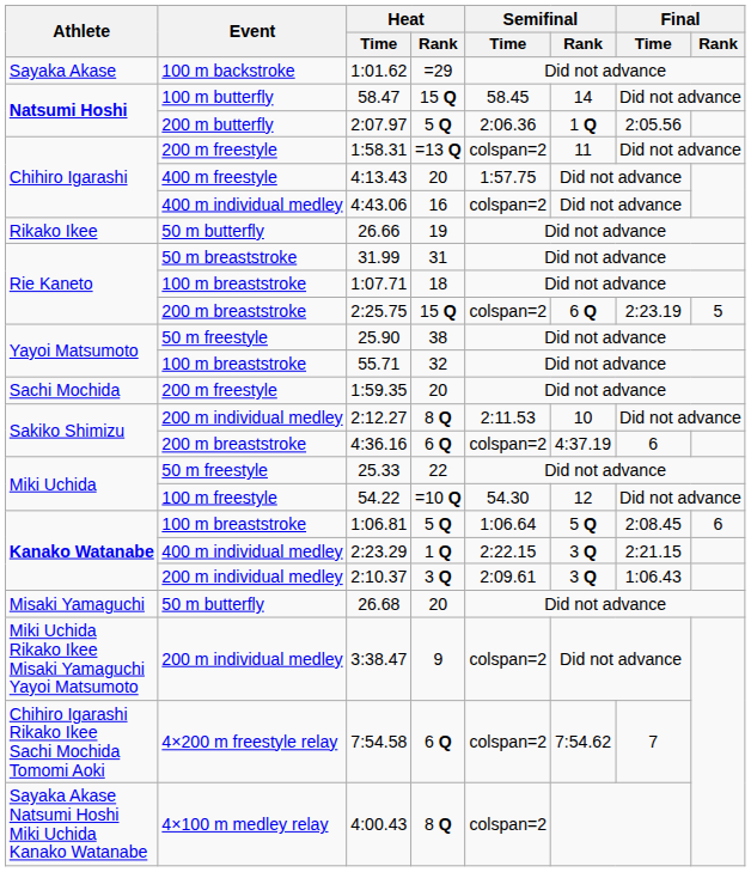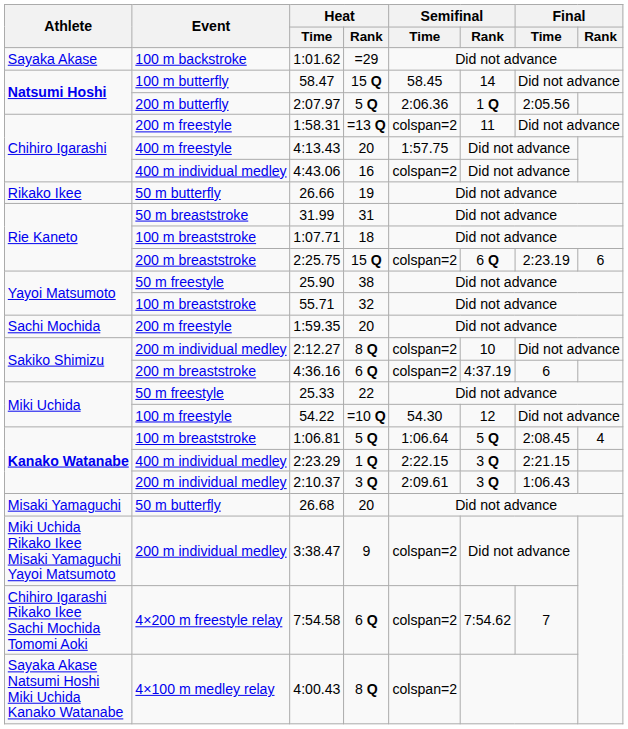 <table class=wikitable style="font-size:90%">
 <tr>
 <th rowspan="2">Athlete</th>
 <th rowspan="2">Event</th>
 <th colspan="2">Heat</th>
 <th colspan="2">Semifinal</th>
 <th colspan="2">Final</th>
 </tr>
 <tr style="font-size:95%">
 <th>Time</th>
 <th>Rank</th>
 <th>Time</th>
 <th>Rank</th>
 <th>Time</th>
 <th>Rank</th>
 </tr>
 <tr align=center>
 <td align=left><a href='#'>Sayaka Akase</a></td>
 <td align=left><a href='#'>100 m backstroke</a></td>
 <td>1:01.62</td>
 <td>=29</td>
 <td colspan=4>Did not advance</td>
 </tr>
 <tr align=center>
 <td align=left rowspan=2><strong><a href='#'>Natsumi Hoshi</a></strong></td>
 <td align=left><a href='#'>100 m butterfly</a></td>
 <td>58.47</td>
 <td>15 <strong>Q</strong></td>
 <td>58.45</td>
 <td>14</td>
 <td colspan=2>Did not advance</td>
 </tr>
 <tr align=center>
 <td align=left><a href='#'>200 m butterfly</a></td>
 <td>2:07.97</td>
 <td>5 <strong>Q</strong></td>
 <td>2:06.36</td>
 <td>1 <strong>Q</strong></td>
 <td>2:05.56</td>
 <td></td>
 </tr>
 <tr align=center>
 <td align=left rowspan=3><a href='#'>Chihiro Igarashi</a></td>
 <td align=left><a href='#'>200 m freestyle</a></td>
 <td>1:58.31</td>
 <td>=13 <strong>Q</strong></td>
 <td>colspan=2 </td>
 <td>11</td>
 <td colspan=2>Did not advance</td>
 </tr>
 <tr align=center>
 <td align=left><a href='#'>400 m freestyle</a></td>
 <td>4:13.43</td>
 <td>20</td>
 <td>1:57.75</td>
 <td colspan=2>Did not advance</td>
 </tr>
 <tr align=center>
 <td align=left><a href='#'>400 m individual medley</a></td>
 <td>4:43.06</td>
 <td>16</td>
 <td>colspan=2 </td>
 <td colspan=2>Did not advance</td>
 </tr>
 <tr align=center>
 <td align=left><a href='#'>Rikako Ikee</a></td>
 <td align=left><a href='#'>50 m butterfly</a></td>
 <td>26.66</td>
 <td>19</td>
 <td colspan=4>Did not advance</td>
 </tr>
 <tr align=center>
 <td align=left rowspan=3><a href='#'>Rie Kaneto</a></td>
 <td align=left><a href='#'>50 m breaststroke</a></td>
 <td>31.99</td>
 <td>31</td>
 <td colspan=4>Did not advance</td>
 </tr>
 <tr align=center>
 <td align=left><a href='#'>100 m breaststroke</a></td>
 <td>1:07.71</td>
 <td>18</td>
 <td colspan=4>Did not advance</td>
 </tr>
 <tr align=center>
 <td align=left><a href='#'>200 m breaststroke</a></td>
 <td>2:25.75</td>
 <td>15 <strong>Q</strong></td>
 <td>colspan=2 </td>
 <td>6 <strong>Q</strong></td>
 <td>2:23.19</td>
-<td>5</td>
+<td>6</td>
 </tr>
 <tr align=center>
 <td align=left rowspan=2><a href='#'>Yayoi Matsumoto</a></td>
 <td align=left><a href='#'>50 m freestyle</a></td>
 <td>25.90</td>
 <td>38</td>
 <td colspan=4>Did not advance</td>
 </tr>
 <tr align=center>
 <td align=left><a href='#'>100 m breaststroke</a></td>
 <td>55.71</td>
 <td>32</td>
 <td colspan=4>Did not advance</td>
 </tr>
 <tr align=center>
 <td align=left><a href='#'>Sachi Mochida</a></td>
 <td align=left><a href='#'>200 m freestyle</a></td>
 <td>1:59.35</td>
 <td>20</td>
 <td colspan=4>Did not advance</td>
 </tr>
 <tr align=center>
 <td align=left rowspan=2><a href='#'>Sakiko Shimizu</a></td>
 <td align=left><a href='#'>200 m individual medley</a></td>
 <td>2:12.27</td>
 <td>8 <strong>Q</strong></td>
-<td>2:11.53</td>
+<td>colspan=2 </td>
 <td>10</td>
 <td colspan=2>Did not advance</td>
 </tr>
 <tr align=center>
 <td align=left><a href='#'>200 m breaststroke</a></td>
 <td>4:36.16</td>
 <td>6 <strong>Q</strong></td>
 <td>colspan=2 </td>
 <td>4:37.19</td>
 <td>6</td>
 </tr>
 <tr align=center>
 <td align=left rowspan=2><a href='#'>Miki Uchida</a></td>
 <td align=left><a href='#'>50 m freestyle</a></td>
 <td>25.33</td>
 <td>22</td>
 <td colspan=4>Did not advance</td>
 </tr>
 <tr align=center>
 <td align=left><a href='#'>100 m freestyle</a></td>
 <td>54.22</td>
 <td>=10 <strong>Q</strong></td>
 <td>54.30</td>
 <td>12</td>
 <td colspan=2>Did not advance</td>
 </tr>
 <tr align=center>
 <td align=left rowspan=3><strong><a href='#'>Kanako Watanabe</a></strong></td>
 <td align=left><a href='#'>100 m breaststroke</a></td>
 <td>1:06.81</td>
 <td>5 <strong>Q</strong></td>
 <td>1:06.64</td>
 <td>5 <strong>Q</strong></td>
 <td>2:08.45</td>
-<td>6</td>
+<td>4</td>
 </tr>
 <tr align=center>
 <td align=left><a href='#'>400 m individual medley</a></td>
 <td>2:23.29</td>
 <td>1 <strong>Q</strong></td>
 <td>2:22.15</td>
 <td>3 <strong>Q</strong></td>
 <td>2:21.15</td>
 <td></td>
 </tr>
 <tr align=center>
 <td align=left><a href='#'>200 m individual medley</a></td>
 <td>2:10.37</td>
 <td>3 <strong>Q</strong></td>
 <td>2:09.61</td>
 <td>3 <strong>Q</strong></td>
 <td>1:06.43</td>
 <td></td>
 </tr>
 <tr align=center>
 <td align=left><a href='#'>Misaki Yamaguchi</a></td>
 <td align=left><a href='#'>50 m butterfly</a></td>
 <td>26.68</td>
 <td>20</td>
 <td colspan=4>Did not advance</td>
 </tr>
 <tr align=center>
 <td align=left><a href='#'>Miki Uchida</a><br><a href='#'>Rikako Ikee</a><br><a href='#'>Misaki Yamaguchi</a><br><a href='#'>Yayoi Matsumoto</a></td>
 <td align=left><a href='#'>200 m individual medley</a></td>
 <td>3:38.47</td>
 <td>9</td>
 <td>colspan=2 </td>
 <td colspan=2>Did not advance</td>
 </tr>
 <tr align=center>
 <td align=left><a href='#'>Chihiro Igarashi</a><br><a href='#'>Rikako Ikee</a><br><a href='#'>Sachi Mochida</a><br><a href='#'>Tomomi Aoki</a></td>
 <td align=left><a href='#'>4×200 m freestyle relay</a></td>
 <td>7:54.58</td>
 <td>6 <strong>Q</strong></td>
 <td>colspan=2 </td>
 <td>7:54.62</td>
 <td>7</td>
 </tr>
 <tr align=center>
 <td align=left><a href='#'>Sayaka Akase</a><br><a href='#'>Natsumi Hoshi</a><br><a href='#'>Miki Uchida</a><br><a href='#'>Kanako Watanabe</a></td>
 <td align=left><a href='#'>4×100 m medley relay</a></td>
 <td>4:00.43</td>
 <td>8 <strong>Q</strong></td>
 <td>colspan=2 </td>
 <td colspan=2></td>
 </tr>
 </table>
